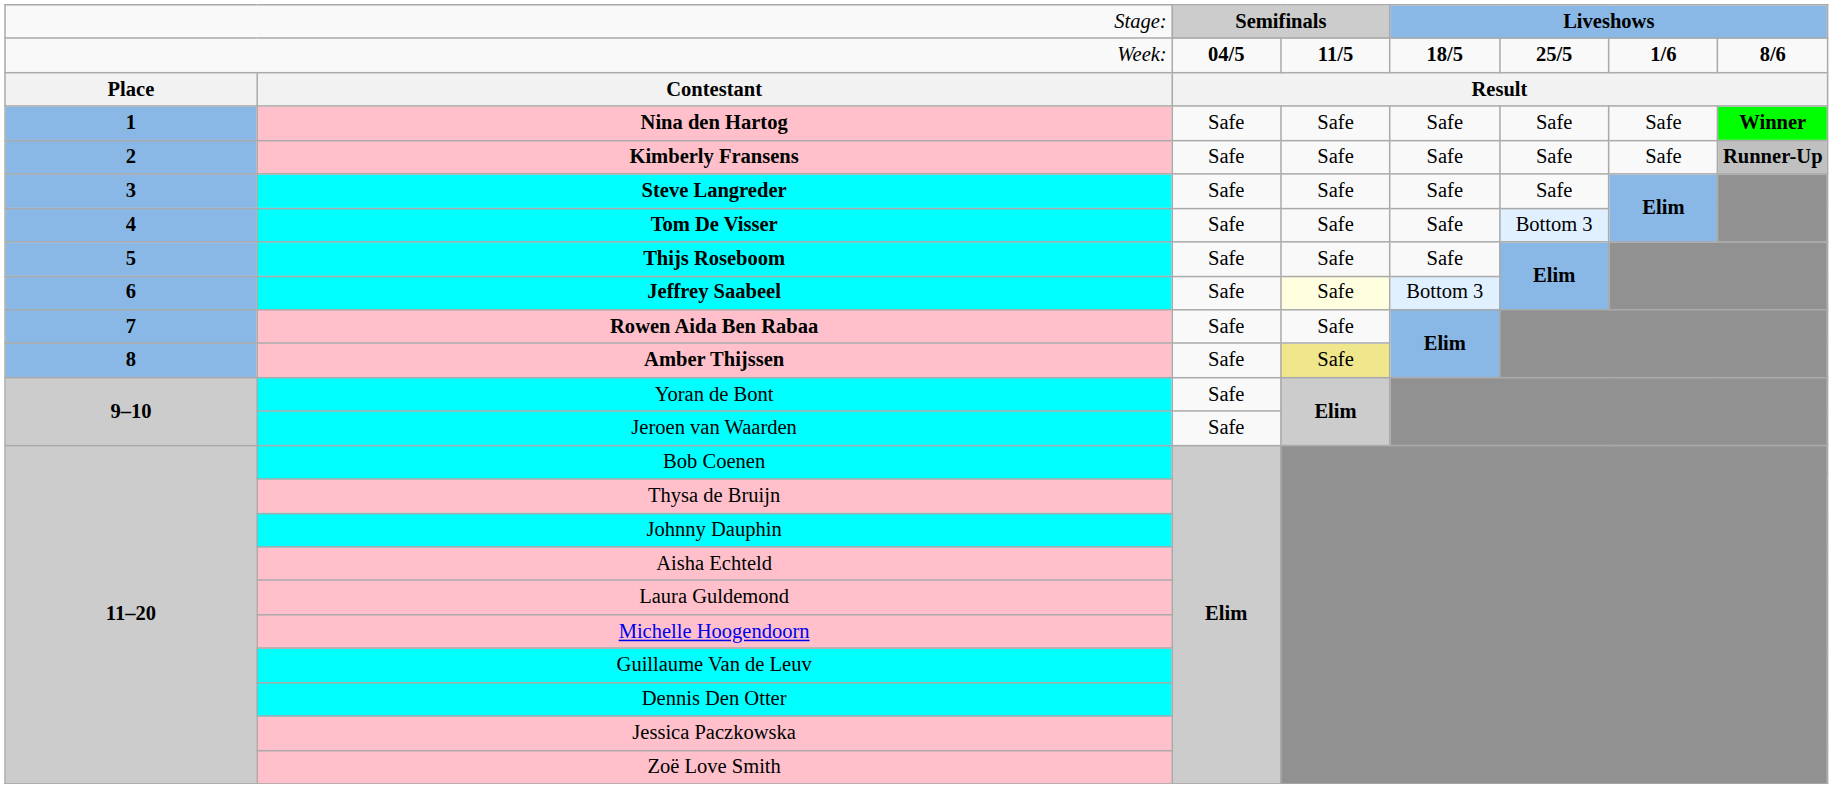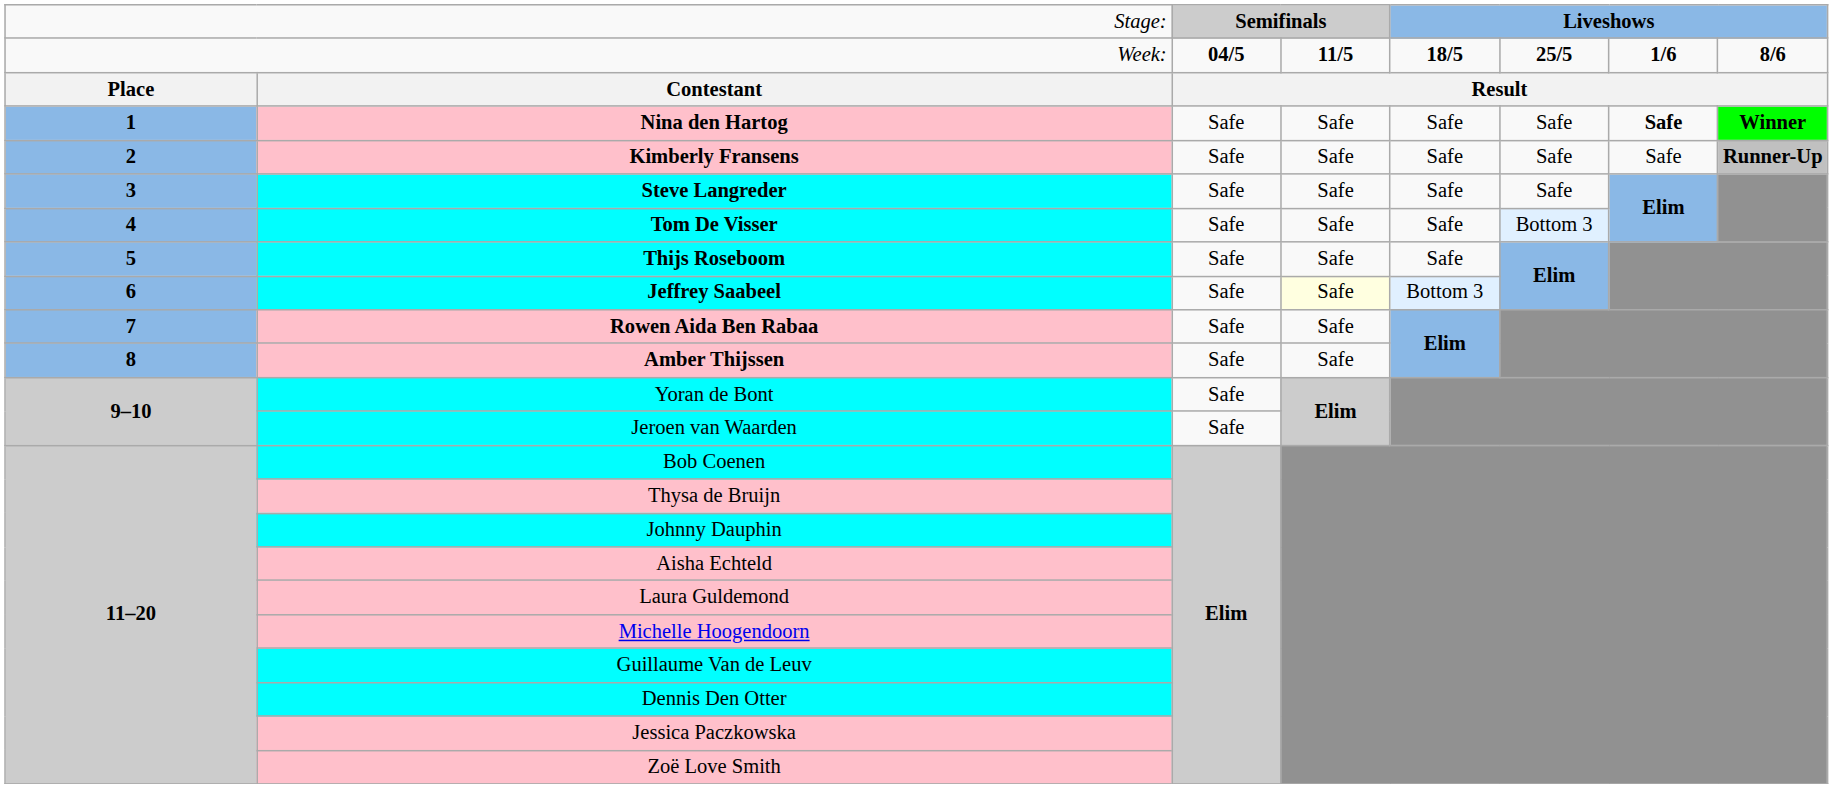 <table class="wikitable" style="margin:1em auto; text-align:center; font-size:85%">
 <tr>
 <td colspan="2" align="right"><em>Stage:</em></td>
 <td colspan="2" bgcolor="CCCCCC"><strong>Semifinals</strong></td>
 <td colspan="4" bgcolor="8AB8E6"><strong>Liveshows</strong></td>
 </tr>
 <tr>
 <td colspan="2" align="right"><em>Week:</em></td>
 <td align="center" width=6%><strong>04/5</strong></td>
 <td align="center" width=6%><strong>11/5</strong></td>
 <td align="center" width=6%><strong>18/5</strong></td>
 <td align="center" width=6%><strong>25/5</strong></td>
 <td align="center" width=6%><strong>1/6</strong></td>
 <td align="center" width=6%><strong>8/6</strong></td>
 </tr>
 <tr>
 <th>Place</th>
 <th>Contestant</th>
 <th colspan="12" align="center">Result</th>
 </tr>
 <tr>
 <td align="center" bgcolor="#8AB8E6"><strong>1</strong></td>
 <td bgcolor="pink"><strong>Nina den Hartog</strong></td>
 <td>Safe</td>
 <td>Safe</td>
 <td>Safe</td>
 <td>Safe</td>
-<td>Safe</td>
+<td><strong>Safe</strong></td>
 <td bgcolor="lime"><strong>Winner</strong></td>
 </tr>
 <tr>
 <td align="center" bgcolor="#8AB8E6"><strong>2</strong></td>
 <td bgcolor="pink"><strong>Kimberly Fransens</strong></td>
 <td>Safe</td>
 <td>Safe</td>
 <td>Safe</td>
 <td>Safe</td>
 <td>Safe</td>
 <td bgcolor="silver"><strong>Runner-Up</strong></td>
 </tr>
 <tr>
 <td bgcolor="#8AB8E6"  align="center"><strong>3</strong></td>
 <td bgcolor="cyan"><strong>Steve Langreder</strong></td>
 <td>Safe</td>
 <td>Safe</td>
 <td>Safe</td>
 <td>Safe</td>
 <td bgcolor="8AB8E6" rowspan="2"><strong>Elim</strong></td>
 <td colspan="2" bgcolor="919191" rowspan="2"></td>
 </tr>
 <tr>
 <td bgcolor="#8AB8E6" align="center"><strong>4</strong></td>
 <td bgcolor="cyan"><strong>Tom De Visser</strong></td>
 <td>Safe</td>
 <td>Safe</td>
 <td>Safe</td>
 <td bgcolor="E0F0FF" align="center">Bottom 3</td>
 </tr>
 <tr>
 <td bgcolor="#8AB8E6" align="center"><strong>5</strong></td>
 <td bgcolor="cyan"><strong>Thijs Roseboom</strong></td>
 <td>Safe</td>
 <td>Safe</td>
 <td>Safe</td>
 <td bgcolor="8AB8E6" rowspan="2"><strong>Elim</strong></td>
 <td colspan="2" bgcolor="919191" rowspan="2"></td>
 </tr>
 <tr>
 <td bgcolor="#8AB8E6" align="center"><strong>6</strong></td>
 <td bgcolor="cyan"><strong>Jeffrey Saabeel</strong></td>
 <td>Safe</td>
 <td style="background: lightyellow;">Safe</td>
 <td bgcolor="E0F0FF" align="center">Bottom 3</td>
 </tr>
 <tr>
 <td bgcolor="#8AB8E6"  align="center"><strong>7</strong></td>
 <td bgcolor="pink"><strong>Rowen Aida Ben Rabaa</strong></td>
 <td>Safe</td>
 <td>Safe</td>
 <td bgcolor="8AB8E6" rowspan="2"><strong>Elim</strong></td>
 <td colspan="3" bgcolor="919191" rowspan="2"></td>
 </tr>
 <tr>
 <td bgcolor="#8AB8E6"  align="center"><strong>8</strong></td>
 <td bgcolor="pink"><strong>Amber Thijssen</strong></td>
 <td>Safe</td>
-<td style="background: khaki;">Safe</td>
+<td>Safe</td>
 </tr>
 <tr>
 <td bgcolor="CCCCCC" rowspan="2" align="center"><strong>9–10</strong></td>
 <td bgcolor="cyan">Yoran de Bont</td>
 <td>Safe</td>
 <td bgcolor="CCCCCC" rowspan="2"><strong>Elim</strong></td>
 <td colspan="4" bgcolor="919191" rowspan="2"></td>
 </tr>
 <tr>
 <td bgcolor="cyan">Jeroen van Waarden</td>
 <td>Safe</td>
 </tr>
 <tr>
 <td bgcolor="CCCCCC" rowspan="10" align="center"><strong>11–20</strong></td>
 <td bgcolor="cyan">Bob Coenen</td>
 <td bgcolor="CCCCCC" rowspan="10"><strong>Elim</strong></td>
 <td colspan="5" bgcolor="919191" rowspan="10"></td>
 </tr>
 <tr>
 <td bgcolor="pink">Thysa de Bruijn</td>
 </tr>
 <tr>
 <td bgcolor="cyan">Johnny Dauphin</td>
 </tr>
 <tr>
 <td bgcolor="pink">Aisha Echteld</td>
 </tr>
 <tr>
 <td bgcolor="pink">Laura Guldemond</td>
 </tr>
 <tr>
 <td bgcolor="pink"><a href='#'>Michelle Hoogendoorn</a></td>
 </tr>
 <tr>
 <td bgcolor="cyan">Guillaume Van de Leuv</td>
 </tr>
 <tr>
 <td bgcolor="cyan">Dennis Den Otter</td>
 </tr>
 <tr>
 <td bgcolor="pink">Jessica Paczkowska</td>
 </tr>
 <tr>
 <td bgcolor="pink">Zoë Love Smith</td>
 </tr>
 </table>
